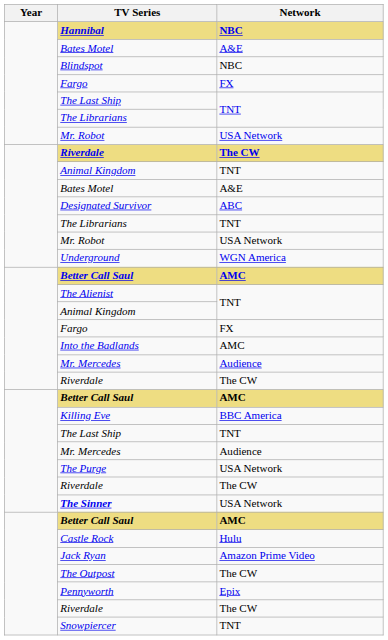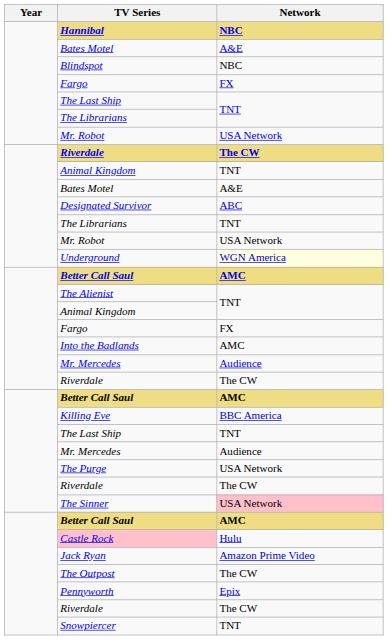 <table class="wikitable" width="550px" border="1" cellpadding="5" cellspacing="0" align="centre">
 <tr>
 <th width="70px">Year</th>
 <th>TV Series</th>
 <th>Network</th>
 </tr>
 <tr>
 <td rowspan="7"></td>
 <td style="background:#EEDD82"><strong><em><a href='#'>Hannibal</a></em></strong></td>
 <td style="background:#EEDD82"><strong><a href='#'>NBC</a></strong></td>
 </tr>
 <tr>
 <td><em><a href='#'>Bates Motel</a></em></td>
 <td><a href='#'>A&E</a></td>
 </tr>
 <tr>
 <td><em><a href='#'>Blindspot</a></em></td>
 <td>NBC</td>
 </tr>
 <tr>
 <td><em><a href='#'>Fargo</a></em></td>
 <td><a href='#'>FX</a></td>
 </tr>
 <tr>
 <td><em><a href='#'>The Last Ship</a></em></td>
 <td rowspan="2"><a href='#'>TNT</a></td>
 </tr>
 <tr>
 <td><em><a href='#'>The Librarians</a></em></td>
 </tr>
 <tr>
 <td><em><a href='#'>Mr. Robot</a></em></td>
 <td><a href='#'>USA Network</a></td>
 </tr>
 <tr>
 <td rowspan=7></td>
 <td style="background:#EEDD82"><strong><em><a href='#'>Riverdale</a></em></strong></td>
 <td style="background:#EEDD82"><strong><a href='#'>The CW</a></strong></td>
 </tr>
 <tr>
 <td><em><a href='#'>Animal Kingdom</a></em></td>
 <td>TNT</td>
 </tr>
 <tr>
 <td><em>Bates Motel</em></td>
 <td>A&E</td>
 </tr>
 <tr>
 <td><em><a href='#'>Designated Survivor</a></em></td>
 <td><a href='#'>ABC</a></td>
 </tr>
 <tr>
 <td><em>The Librarians</em></td>
 <td>TNT</td>
 </tr>
 <tr>
 <td><em>Mr. Robot</em></td>
 <td>USA Network</td>
 </tr>
 <tr>
 <td><em><a href='#'>Underground</a></em></td>
-<td><a href='#'>WGN America</a></td>
+<td style="background: lightyellow;"><a href='#'>WGN America</a></td>
 </tr>
 <tr>
 <td rowspan="7"></td>
 <td style="background:#EEDD82"><strong><em><a href='#'>Better Call Saul</a></em></strong></td>
 <td style="background:#EEDD82"><strong><a href='#'>AMC</a></strong></td>
 </tr>
 <tr>
 <td><em><a href='#'>The Alienist</a></em></td>
 <td rowspan="2">TNT</td>
 </tr>
 <tr>
 <td><em>Animal Kingdom</em></td>
 </tr>
 <tr>
 <td><em>Fargo</em></td>
 <td>FX</td>
 </tr>
 <tr>
 <td><em><a href='#'>Into the Badlands</a></em></td>
 <td>AMC</td>
 </tr>
 <tr>
 <td><em><a href='#'>Mr. Mercedes</a></em></td>
 <td><a href='#'>Audience</a></td>
 </tr>
 <tr>
 <td><em>Riverdale</em></td>
 <td>The CW</td>
 </tr>
 <tr>
 <td rowspan="7"></td>
 <td style="background:#EEDD82"><strong><em>Better Call Saul</em></strong></td>
 <td style="background:#EEDD82"><strong>AMC</strong></td>
 </tr>
 <tr>
 <td><em><a href='#'>Killing Eve</a></em></td>
 <td><a href='#'>BBC America</a></td>
 </tr>
 <tr>
 <td><em>The Last Ship</em></td>
 <td>TNT</td>
 </tr>
 <tr>
 <td><em>Mr. Mercedes</em></td>
 <td>Audience</td>
 </tr>
 <tr>
 <td><em><a href='#'>The Purge</a></em></td>
 <td>USA Network</td>
 </tr>
 <tr>
 <td><em>Riverdale</em></td>
 <td>The CW</td>
 </tr>
 <tr>
-<td><strong><em><a href='#'>The Sinner</a></em></strong></td>
-<td>USA Network</td>
+<td><em><a href='#'>The Sinner</a></em></td>
+<td style="background: pink;">USA Network</td>
 </tr>
 <tr>
 <td rowspan="7"></td>
 <td style="background:#EEDD82"><strong><em>Better Call Saul</em></strong></td>
 <td style="background:#EEDD82"><strong>AMC</strong></td>
 </tr>
 <tr>
-<td><em><a href='#'>Castle Rock</a></em></td>
+<td style="background: pink;"><em><a href='#'>Castle Rock</a></em></td>
 <td><a href='#'>Hulu</a></td>
 </tr>
 <tr>
 <td><em><a href='#'>Jack Ryan</a></em></td>
 <td><a href='#'>Amazon Prime Video</a></td>
 </tr>
 <tr>
 <td><em><a href='#'>The Outpost</a></em></td>
 <td>The CW</td>
 </tr>
 <tr>
 <td><em><a href='#'>Pennyworth</a></em></td>
 <td><a href='#'>Epix</a></td>
 </tr>
 <tr>
 <td><em>Riverdale</em></td>
 <td>The CW</td>
 </tr>
 <tr>
 <td><em><a href='#'>Snowpiercer</a></em></td>
 <td>TNT</td>
 </tr>
 </table>
